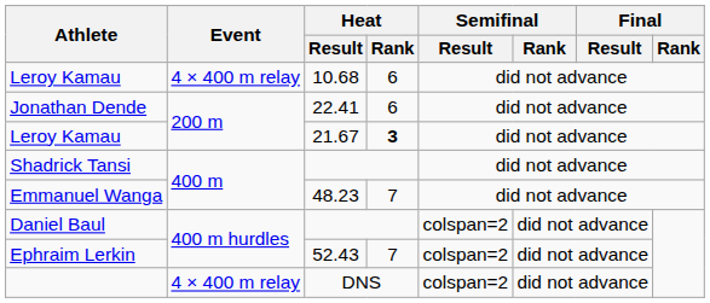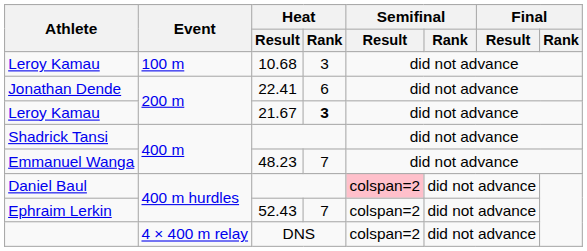 <table class="wikitable" style="font-size:90%">
 <tr>
 <th rowspan=2>Athlete</th>
 <th rowspan=2>Event</th>
 <th colspan=2>Heat</th>
 <th colspan=2>Semifinal</th>
 <th colspan=2>Final</th>
 </tr>
 <tr style="font-size:95%">
 <th>Result</th>
 <th>Rank</th>
 <th>Result</th>
 <th>Rank</th>
 <th>Result</th>
 <th>Rank</th>
 </tr>
 <tr align=center>
 <td align=left><a href='#'>Leroy Kamau</a></td>
-<td align=left><a href='#'>4 × 400 m relay</a></td>
+<td align=left><a href='#'>100 m</a></td>
 <td>10.68 </td>
-<td>6</td>
+<td>3</td>
 <td colspan=4>did not advance</td>
 </tr>
 <tr align=center>
 <td align=left><a href='#'>Jonathan Dende</a></td>
 <td align=left rowspan=2><a href='#'>200 m</a></td>
 <td>22.41 </td>
 <td>6</td>
 <td colspan=4>did not advance</td>
 </tr>
 <tr align=center>
 <td align=left><a href='#'>Leroy Kamau</a></td>
 <td>21.67</td>
 <td><strong>3</strong></td>
 <td colspan=4>did not advance</td>
 </tr>
 <tr align=center>
 <td align=left><a href='#'>Shadrick Tansi</a></td>
 <td align=left rowspan=2><a href='#'>400 m</a></td>
 <td colspan=2></td>
 <td colspan=4>did not advance</td>
 </tr>
 <tr align=center>
 <td align=left><a href='#'>Emmanuel Wanga</a></td>
 <td>48.23</td>
 <td>7</td>
 <td colspan=4>did not advance</td>
 </tr>
 <tr align=center>
 <td align=left><a href='#'>Daniel Baul</a></td>
 <td align=left rowspan=2><a href='#'>400 m hurdles</a></td>
 <td colspan=2></td>
-<td>colspan=2 </td>
+<td style="background: pink;">colspan=2 </td>
 <td colspan=2>did not advance</td>
 </tr>
 <tr align=center>
 <td align=left><a href='#'>Ephraim Lerkin</a></td>
 <td>52.43 </td>
 <td>7</td>
 <td>colspan=2 </td>
 <td colspan=2>did not advance</td>
 </tr>
 <tr align=center>
 <td align=left></td>
 <td align=left><a href='#'>4 × 400 m relay</a></td>
 <td colspan=2>DNS</td>
 <td>colspan=2 </td>
 <td colspan=2>did not advance</td>
 </tr>
 </table>
